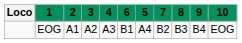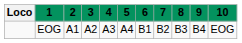 <table class="wikitable plainrowheaders unsortable" style="text-align:center:">
 <tr>
 <th>Loco</th>
 <th style="background:#03925e;">1</th>
 <th style="background:#03925e;">2</th>
 <th style="background:#03925e;">3</th>
 <th style="background:#03925e;">4</th>
+<th style="background:#03925e;">5</th>
 <th style="background:#03925e;">6</th>
-<th style="background:#03925e;">5</th>
 <th style="background:#03925e;">7</th>
 <th style="background:#03925e;">8</th>
 <th style="background:#03925e;">9</th>
 <th style="background:#03925e;">10</th>
 </tr>
 <tr>
 <td></td>
 <td>EOG</td>
 <td>A1</td>
 <td>A2</td>
 <td>A3</td>
+<td>A4</td>
 <td>B1</td>
-<td>A4</td>
 <td>B2</td>
 <td>B3</td>
 <td>B4</td>
 <td>EOG</td>
 </tr>
 </table>
